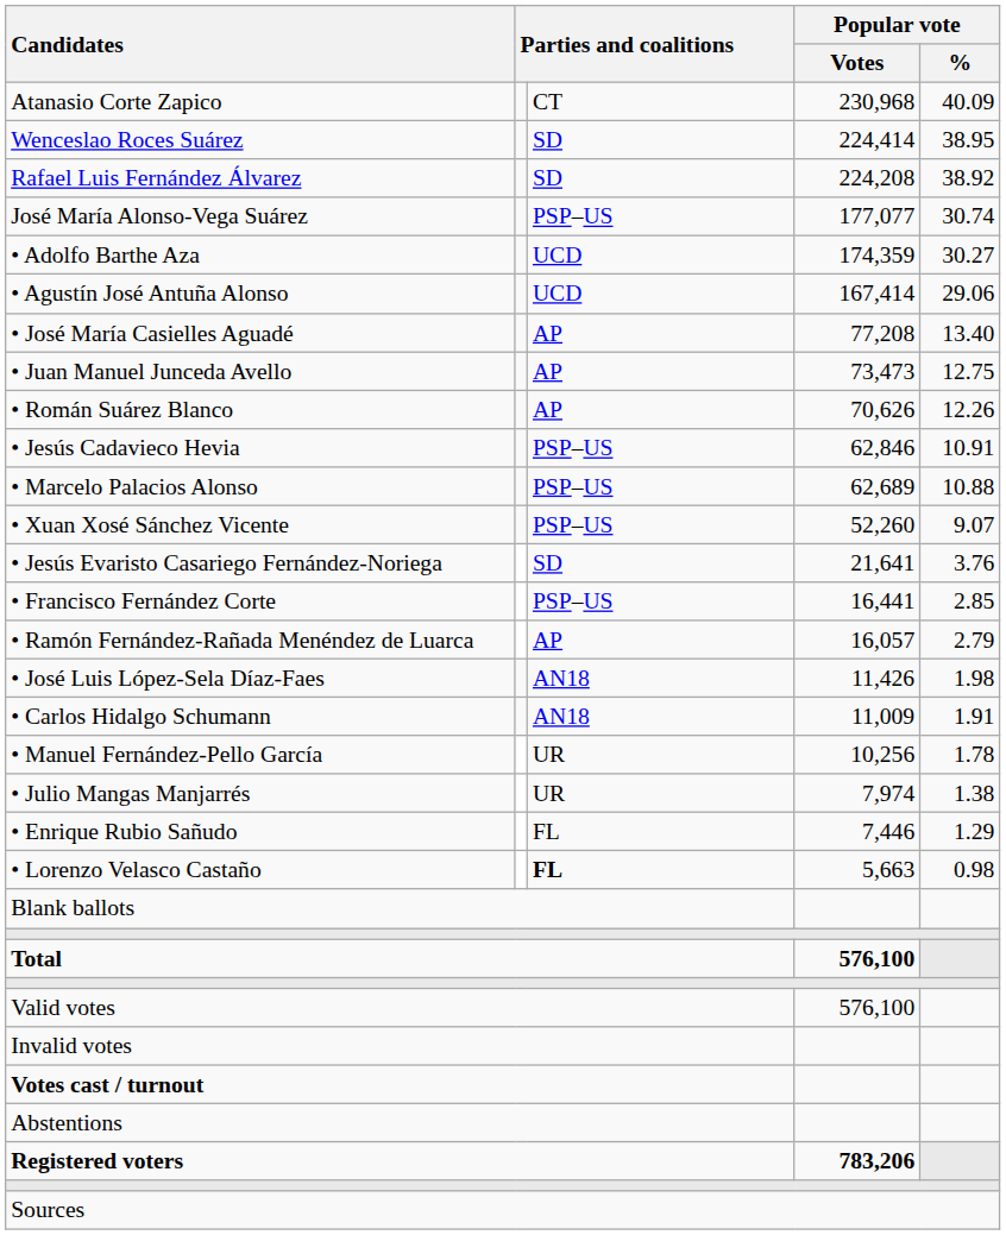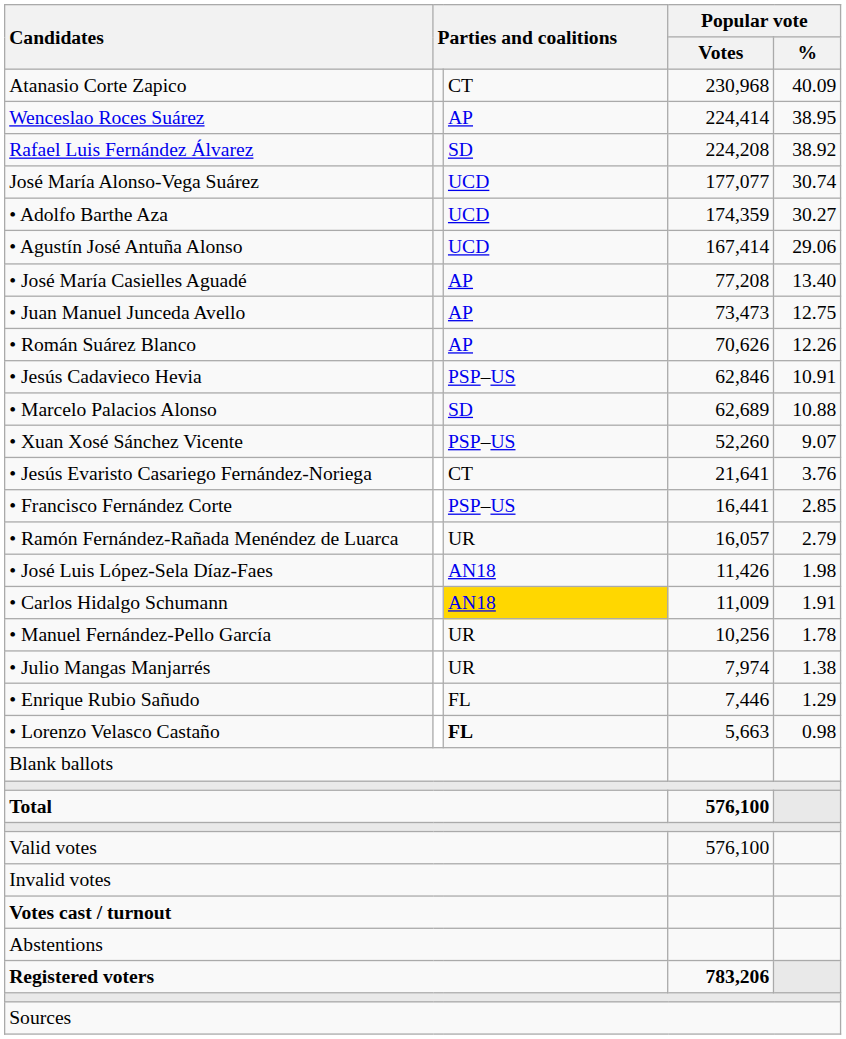 <table class="wikitable" style="text-align:right; font-size:95%;">
 <tr>
 <th style="text-align:left;" rowspan="2" width="325">Candidates</th>
 <th style="text-align:left;" rowspan="2" colspan="2" width="175">Parties and coalitions</th>
 <th colspan="2">Popular vote</th>
 </tr>
 <tr>
 <th width="75">Votes</th>
 <th width="45">%</th>
 </tr>
 <tr>
 <td align="left"> Atanasio Corte Zapico</td>
 <td width="1" style="color:inherit;background:"></td>
 <td align="left">CT</td>
 <td>230,968</td>
 <td>40.09</td>
 </tr>
 <tr>
 <td align="left"> <a href='#'>Wenceslao Roces Suárez</a></td>
 <td style="color:inherit;background:"></td>
-<td align="left"><a href='#'>SD</a></td>
+<td align="left"><a href='#'>AP</a></td>
 <td>224,414</td>
 <td>38.95</td>
 </tr>
 <tr>
 <td align="left"> <a href='#'>Rafael Luis Fernández Álvarez</a></td>
 <td style="color:inherit;background:"></td>
 <td align="left"><a href='#'>SD</a></td>
 <td>224,208</td>
 <td>38.92</td>
 </tr>
 <tr>
 <td align="left"> José María Alonso-Vega Suárez</td>
 <td style="color:inherit;background:"></td>
-<td align="left"><a href='#'>PSP</a>–<a href='#'>US</a></td>
+<td align="left"><a href='#'>UCD</a></td>
 <td>177,077</td>
 <td>30.74</td>
 </tr>
 <tr>
 <td align="left">• Adolfo Barthe Aza</td>
 <td style="color:inherit;background:"></td>
 <td align="left"><a href='#'>UCD</a></td>
 <td>174,359</td>
 <td>30.27</td>
 </tr>
 <tr>
 <td align="left">• Agustín José Antuña Alonso</td>
 <td style="color:inherit;background:"></td>
 <td align="left"><a href='#'>UCD</a></td>
 <td>167,414</td>
 <td>29.06</td>
 </tr>
 <tr>
 <td align="left">• José María Casielles Aguadé</td>
 <td style="color:inherit;background:"></td>
 <td align="left"><a href='#'>AP</a></td>
 <td>77,208</td>
 <td>13.40</td>
 </tr>
 <tr>
 <td align="left">• Juan Manuel Junceda Avello</td>
 <td style="color:inherit;background:"></td>
 <td align="left"><a href='#'>AP</a></td>
 <td>73,473</td>
 <td>12.75</td>
 </tr>
 <tr>
 <td align="left">• Román Suárez Blanco</td>
 <td style="color:inherit;background:"></td>
 <td align="left"><a href='#'>AP</a></td>
 <td>70,626</td>
 <td>12.26</td>
 </tr>
 <tr>
 <td align="left">• Jesús Cadavieco Hevia</td>
 <td style="color:inherit;background:"></td>
 <td align="left"><a href='#'>PSP</a>–<a href='#'>US</a></td>
 <td>62,846</td>
 <td>10.91</td>
 </tr>
 <tr>
 <td align="left">• Marcelo Palacios Alonso</td>
 <td style="color:inherit;background:"></td>
-<td align="left"><a href='#'>PSP</a>–<a href='#'>US</a></td>
+<td align="left"><a href='#'>SD</a></td>
 <td>62,689</td>
 <td>10.88</td>
 </tr>
 <tr>
 <td align="left">• Xuan Xosé Sánchez Vicente</td>
 <td style="color:inherit;background:"></td>
 <td align="left"><a href='#'>PSP</a>–<a href='#'>US</a></td>
 <td>52,260</td>
 <td>9.07</td>
 </tr>
 <tr>
 <td align="left">• Jesús Evaristo Casariego Fernández-Noriega</td>
 <td bgcolor="white"></td>
-<td align="left"><a href='#'>SD</a></td>
+<td align="left">CT</td>
 <td>21,641</td>
 <td>3.76</td>
 </tr>
 <tr>
 <td align="left">• Francisco Fernández Corte</td>
 <td bgcolor="white"></td>
 <td align="left"><a href='#'>PSP</a>–<a href='#'>US</a></td>
 <td>16,441</td>
 <td>2.85</td>
 </tr>
 <tr>
 <td align="left">• Ramón Fernández-Rañada Menéndez de Luarca</td>
 <td bgcolor="white"></td>
-<td align="left"><a href='#'>AP</a></td>
+<td align="left">UR</td>
 <td>16,057</td>
 <td>2.79</td>
 </tr>
 <tr>
 <td align="left">• José Luis López-Sela Díaz-Faes</td>
 <td style="color:inherit;background:"></td>
 <td align="left"><a href='#'>AN18</a></td>
 <td>11,426</td>
 <td>1.98</td>
 </tr>
 <tr>
 <td align="left">• Carlos Hidalgo Schumann</td>
 <td style="color:inherit;background:"></td>
-<td align="left"><a href='#'>AN18</a></td>
+<td align="left" style="background: gold;"><a href='#'>AN18</a></td>
 <td>11,009</td>
 <td>1.91</td>
 </tr>
 <tr>
 <td align="left">• Manuel Fernández-Pello García</td>
 <td bgcolor="white"></td>
 <td align="left">UR</td>
 <td>10,256</td>
 <td>1.78</td>
 </tr>
 <tr>
 <td align="left">• Julio Mangas Manjarrés</td>
 <td bgcolor="white"></td>
 <td align="left">UR</td>
 <td>7,974</td>
 <td>1.38</td>
 </tr>
 <tr>
 <td align="left">• Enrique Rubio Sañudo</td>
 <td bgcolor="white"></td>
 <td align="left">FL</td>
 <td>7,446</td>
 <td>1.29</td>
 </tr>
 <tr>
 <td align="left">• Lorenzo Velasco Castaño</td>
 <td bgcolor="white"></td>
 <td align="left"><strong>FL</strong></td>
 <td>5,663</td>
 <td>0.98</td>
 </tr>
 <tr>
 <td align="left" colspan="3">Blank ballots</td>
 <td></td>
 <td></td>
 </tr>
 <tr>
 <td colspan="5" bgcolor="#E9E9E9"></td>
 </tr>
 <tr style="font-weight:bold;">
 <td align="left" colspan="3">Total</td>
 <td>576,100</td>
 <td bgcolor="#E9E9E9"></td>
 </tr>
 <tr>
 <td colspan="5" bgcolor="#E9E9E9"></td>
 </tr>
 <tr>
 <td align="left" colspan="3">Valid votes</td>
 <td>576,100</td>
 <td></td>
 </tr>
 <tr>
 <td align="left" colspan="3">Invalid votes</td>
 <td></td>
 <td></td>
 </tr>
 <tr style="font-weight:bold;">
 <td align="left" colspan="3">Votes cast / turnout</td>
 <td></td>
 <td></td>
 </tr>
 <tr>
 <td align="left" colspan="3">Abstentions</td>
 <td></td>
 <td></td>
 </tr>
 <tr style="font-weight:bold;">
 <td align="left" colspan="3">Registered voters</td>
 <td>783,206</td>
 <td bgcolor="#E9E9E9"></td>
 </tr>
 <tr>
 <td colspan="5" bgcolor="#E9E9E9"></td>
 </tr>
 <tr>
 <td align="left" colspan="5">Sources</td>
 </tr>
 </table>
